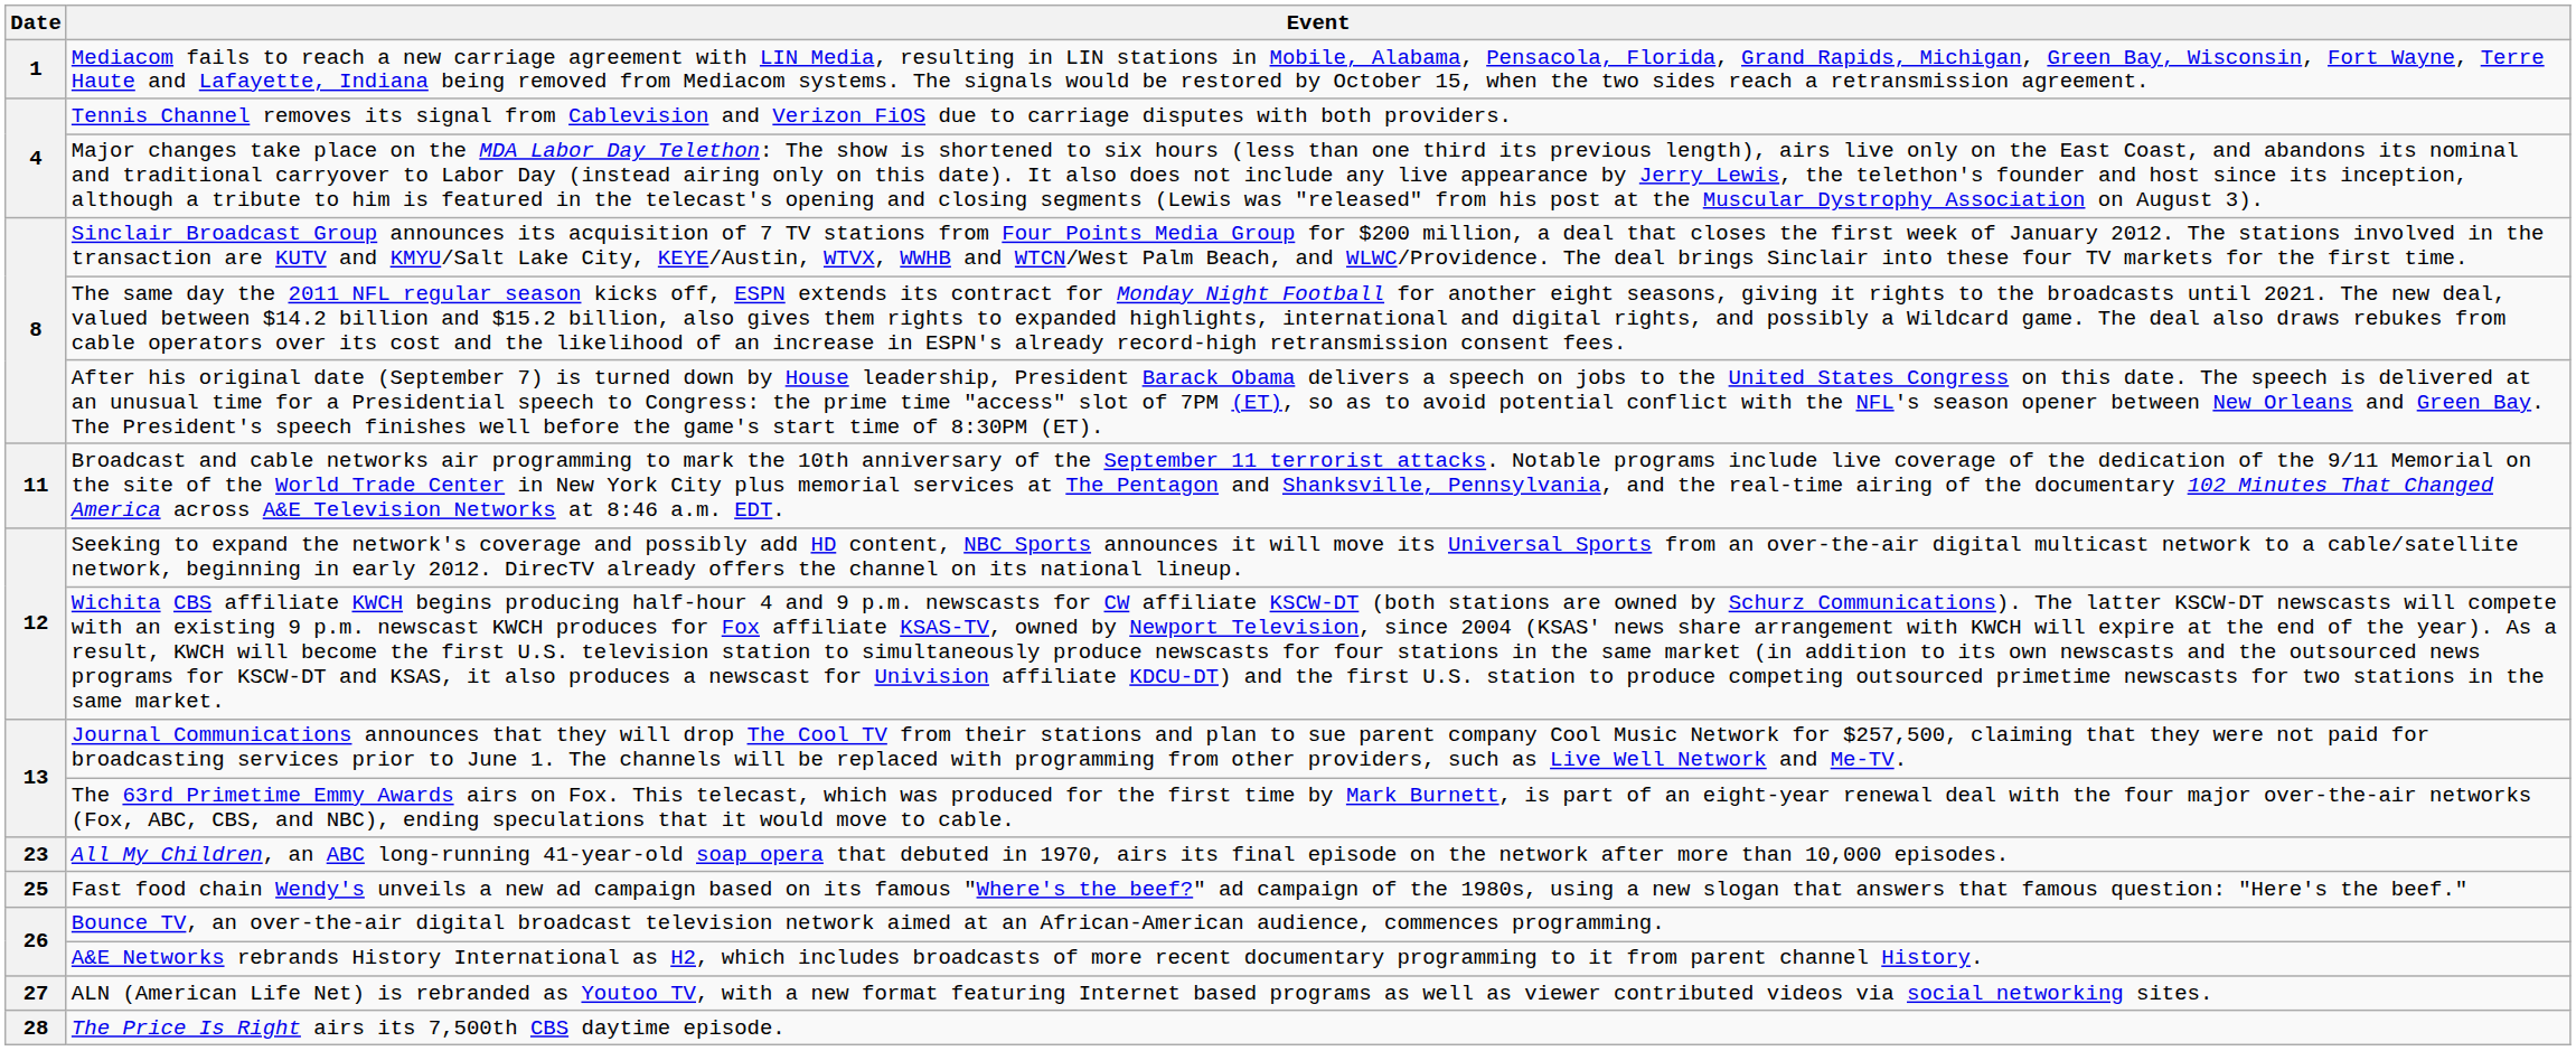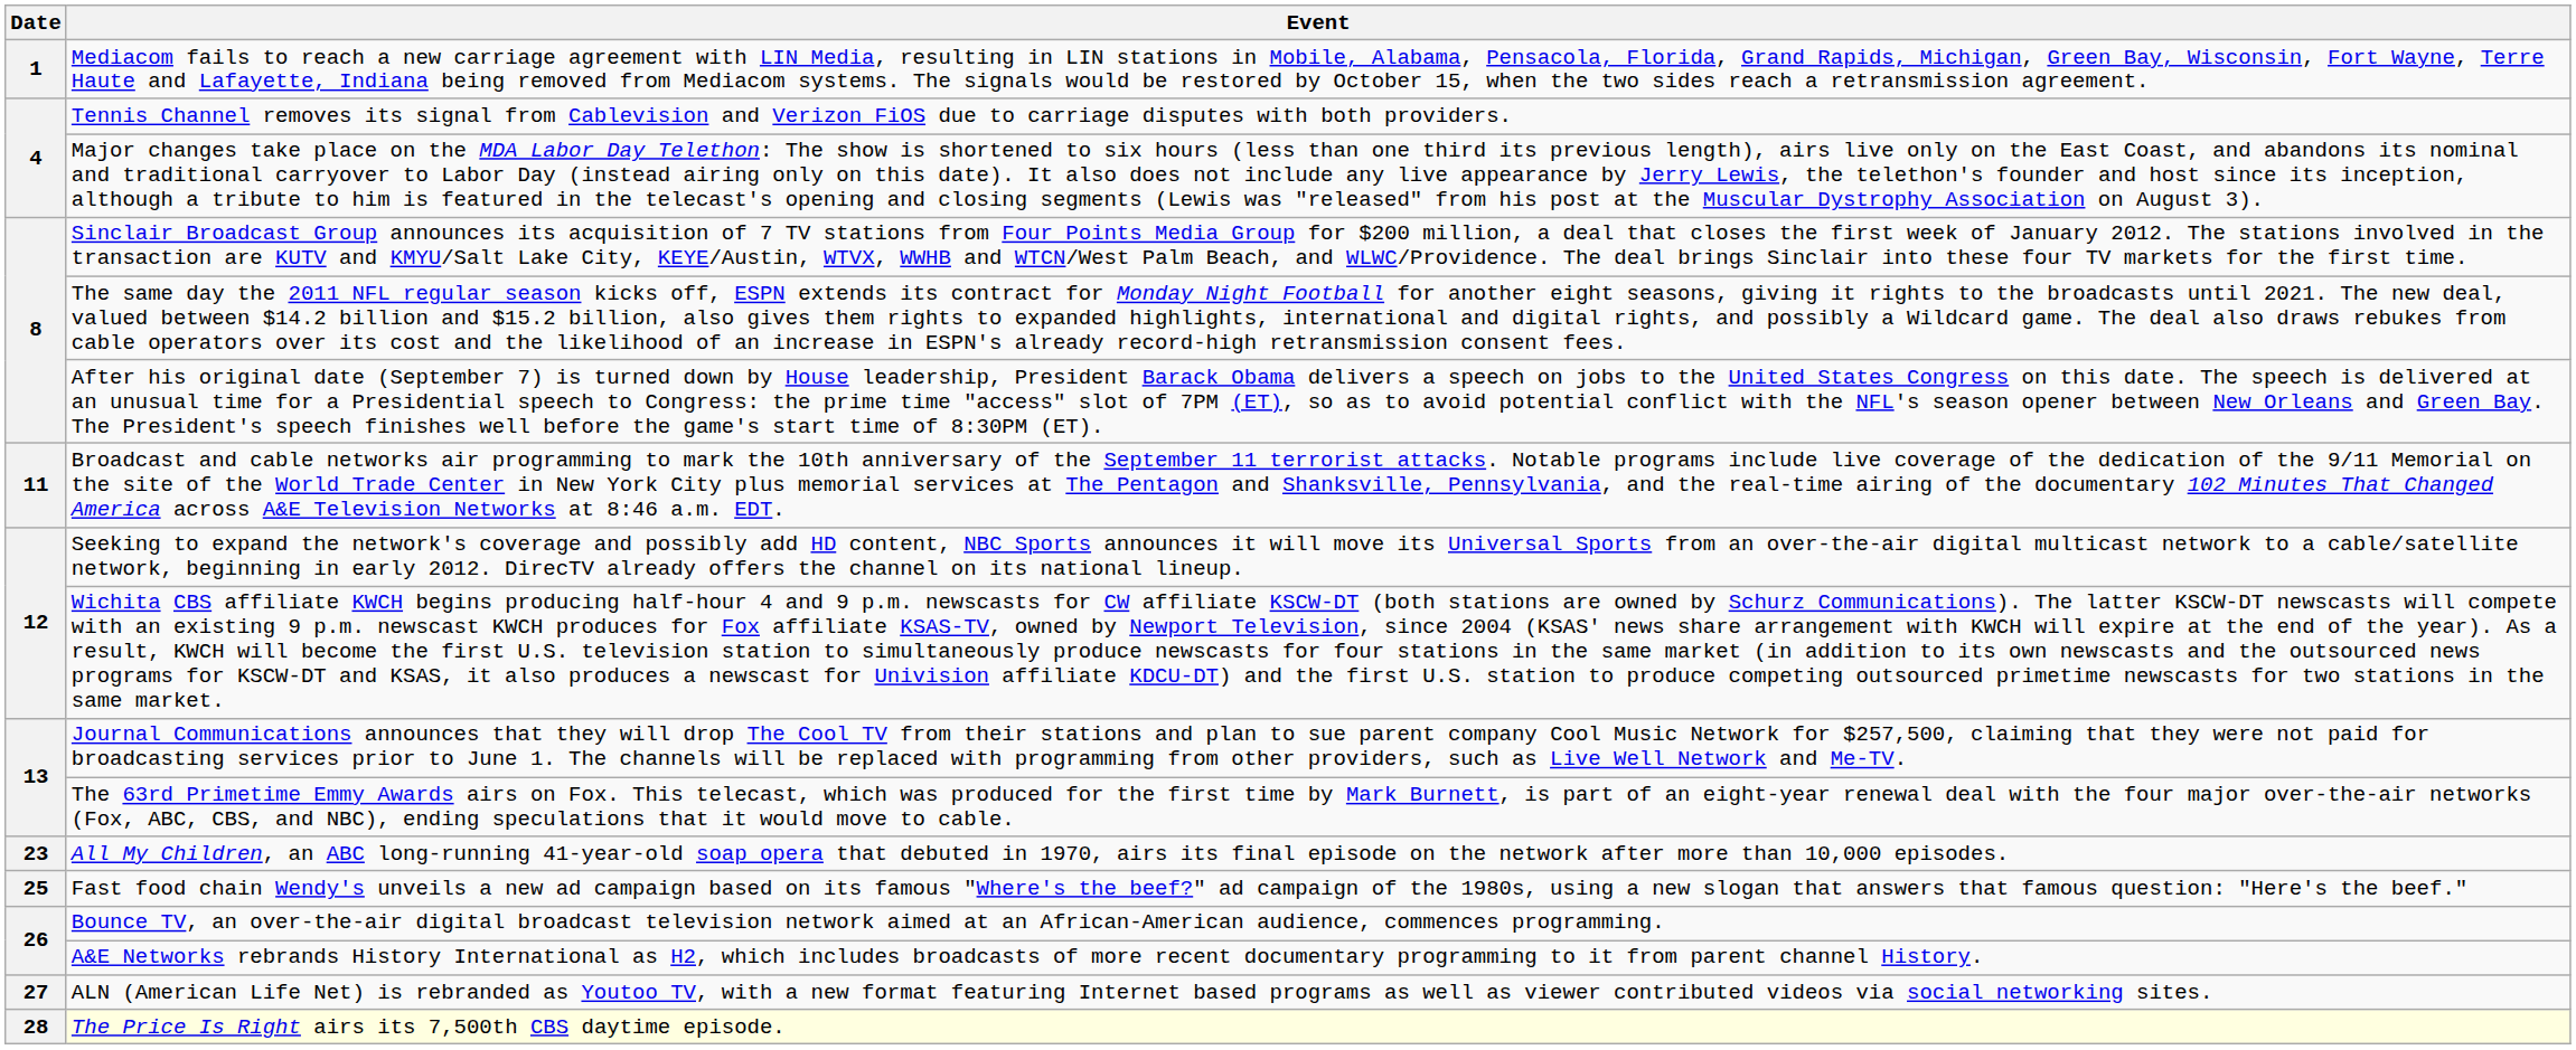 <table class="wikitable">
 <tr>
 <th>Date</th>
 <th>Event</th>
 </tr>
 <tr>
 <th>1</th>
 <td><a href='#'>Mediacom</a> fails to reach a new carriage agreement with <a href='#'>LIN Media</a>, resulting in LIN stations in <a href='#'>Mobile, Alabama</a>, <a href='#'>Pensacola, Florida</a>, <a href='#'>Grand Rapids, Michigan</a>, <a href='#'>Green Bay, Wisconsin</a>, <a href='#'>Fort Wayne</a>, <a href='#'>Terre Haute</a> and <a href='#'>Lafayette, Indiana</a> being removed from Mediacom systems.  The signals would be restored by October 15, when the two sides reach a retransmission agreement.</td>
 </tr>
 <tr>
 <th rowspan="2">4</th>
 <td><a href='#'>Tennis Channel</a> removes its signal from <a href='#'>Cablevision</a> and <a href='#'>Verizon FiOS</a> due to carriage disputes with both providers.</td>
 </tr>
 <tr>
 <td>Major changes take place on the <em><a href='#'>MDA Labor Day Telethon</a></em>: The show is shortened to six hours (less than one third its previous length), airs live only on the East Coast, and abandons its nominal and traditional carryover to Labor Day (instead airing only on this date). It also does not include any live appearance by <a href='#'>Jerry Lewis</a>, the telethon's founder and host since its inception, although a tribute to him is featured in the telecast's opening and closing segments (Lewis was "released" from his post at the <a href='#'>Muscular Dystrophy Association</a> on August 3).</td>
 </tr>
 <tr>
 <th rowspan="3">8</th>
 <td><a href='#'>Sinclair Broadcast Group</a> announces its acquisition of 7 TV stations from <a href='#'>Four Points Media Group</a> for $200 million, a deal that closes the first week of January 2012. The stations involved in the transaction are <a href='#'>KUTV</a> and <a href='#'>KMYU</a>/Salt Lake City, <a href='#'>KEYE</a>/Austin, <a href='#'>WTVX</a>, <a href='#'>WWHB</a> and <a href='#'>WTCN</a>/West Palm Beach, and <a href='#'>WLWC</a>/Providence. The deal brings Sinclair into these four TV markets for the first time.</td>
 </tr>
 <tr>
 <td>The same day the <a href='#'>2011 NFL regular season</a> kicks off, <a href='#'>ESPN</a> extends its contract for <em><a href='#'>Monday Night Football</a></em> for another eight seasons, giving it rights to the broadcasts until 2021. The new deal, valued between $14.2 billion and $15.2 billion, also gives them rights to expanded highlights, international and digital rights, and possibly a Wildcard game. The deal also draws rebukes from cable operators over its cost and the likelihood of an increase in ESPN's already record-high retransmission consent fees.</td>
 </tr>
 <tr>
 <td>After his original date (September 7) is turned down by <a href='#'>House</a> leadership, President <a href='#'>Barack Obama</a> delivers a speech on jobs to the <a href='#'>United States Congress</a> on this date.  The speech is delivered at an unusual time for a Presidential speech to Congress: the prime time "access" slot of 7PM <a href='#'>(ET)</a>, so as to avoid potential conflict with the <a href='#'>NFL</a>'s season opener between <a href='#'>New Orleans</a> and <a href='#'>Green Bay</a>. The President's speech finishes well before the game's start time of 8:30PM (ET).</td>
 </tr>
 <tr>
 <th>11</th>
 <td>Broadcast and cable networks air programming to mark the 10th anniversary of the <a href='#'>September 11 terrorist attacks</a>. Notable programs include live coverage of the dedication of the 9/11 Memorial on the site of the <a href='#'>World Trade Center</a> in New York City plus memorial services at <a href='#'>The Pentagon</a> and <a href='#'>Shanksville, Pennsylvania</a>, and the real-time airing of the documentary <em><a href='#'>102 Minutes That Changed America</a></em> across <a href='#'>A&E Television Networks</a> at 8:46 a.m. <a href='#'>EDT</a>.</td>
 </tr>
 <tr>
 <th rowspan="2">12</th>
 <td>Seeking to expand the network's coverage and possibly add <a href='#'>HD</a> content, <a href='#'>NBC Sports</a> announces it will move its <a href='#'>Universal Sports</a> from an over-the-air digital multicast network to a cable/satellite network, beginning in early 2012. DirecTV already offers the channel on its national lineup.</td>
 </tr>
 <tr>
 <td><a href='#'>Wichita</a> <a href='#'>CBS</a> affiliate <a href='#'>KWCH</a> begins producing half-hour 4 and 9 p.m. newscasts for <a href='#'>CW</a> affiliate <a href='#'>KSCW-DT</a> (both stations are owned by <a href='#'>Schurz Communications</a>). The latter KSCW-DT newscasts will compete with an existing 9 p.m. newscast KWCH produces for <a href='#'>Fox</a> affiliate <a href='#'>KSAS-TV</a>, owned by <a href='#'>Newport Television</a>, since 2004 (KSAS' news share arrangement with KWCH will expire at the end of the year). As a result, KWCH will become the first U.S. television station to simultaneously produce newscasts for four stations in the same market (in addition to its own newscasts and the outsourced news programs for KSCW-DT and KSAS, it also produces a newscast for <a href='#'>Univision</a> affiliate <a href='#'>KDCU-DT</a>) and the first U.S. station to produce competing outsourced primetime newscasts for two stations in the same market.</td>
 </tr>
 <tr>
 <th rowspan="2">13</th>
 <td><a href='#'>Journal Communications</a> announces that they will drop <a href='#'>The Cool TV</a> from their stations and plan to sue parent company Cool Music Network for $257,500, claiming that they were not paid for broadcasting services prior to June 1. The channels will be replaced with programming from other providers, such as <a href='#'>Live Well Network</a> and <a href='#'>Me-TV</a>.</td>
 </tr>
 <tr>
 <td>The <a href='#'>63rd Primetime Emmy Awards</a> airs on Fox. This telecast, which was produced for the first time by <a href='#'>Mark Burnett</a>, is part of an eight-year renewal deal with the four major over-the-air networks (Fox, ABC, CBS, and NBC), ending speculations that it would move to cable.</td>
 </tr>
 <tr>
 <th>23</th>
 <td><em><a href='#'>All My Children</a></em>, an <a href='#'>ABC</a> long-running 41-year-old <a href='#'>soap opera</a> that debuted in 1970, airs its final episode on the network after more than 10,000 episodes.</td>
 </tr>
 <tr>
 <th>25</th>
 <td>Fast food chain <a href='#'>Wendy's</a> unveils a new ad campaign based on its famous "<a href='#'>Where's the beef?</a>" ad campaign of the 1980s, using a new slogan that answers that famous question: "Here's the beef."</td>
 </tr>
 <tr>
 <th rowspan="2">26</th>
 <td><a href='#'>Bounce TV</a>, an over-the-air digital broadcast television network aimed at an African-American audience, commences programming.</td>
 </tr>
 <tr>
 <td><a href='#'>A&E Networks</a> rebrands History International as <a href='#'>H2</a>, which includes broadcasts of more recent documentary programming to it from parent channel <a href='#'>History</a>.</td>
 </tr>
 <tr>
 <th>27</th>
 <td>ALN (American Life Net) is rebranded as <a href='#'>Youtoo TV</a>, with a new format featuring Internet based programs as well as viewer contributed videos via <a href='#'>social networking</a> sites.</td>
 </tr>
 <tr>
 <th>28</th>
-<td><em><a href='#'>The Price Is Right</a></em> airs its 7,500th <a href='#'>CBS</a> daytime episode.</td>
+<td style="background: lightyellow;"><em><a href='#'>The Price Is Right</a></em> airs its 7,500th <a href='#'>CBS</a> daytime episode.</td>
 </tr>
 </table>
